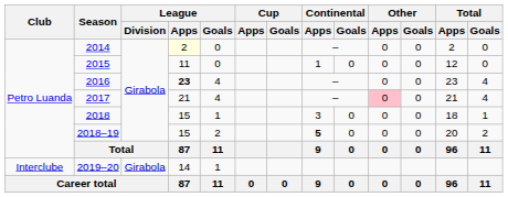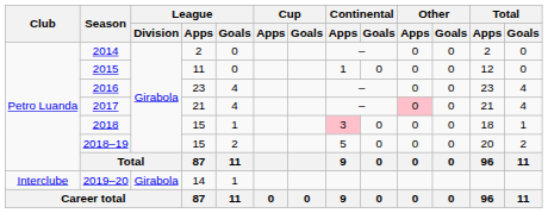 <table class="wikitable" style="text-align: center">
 <tr>
 <th rowspan="2">Club</th>
 <th rowspan="2">Season</th>
 <th colspan="3">League</th>
 <th colspan="2">Cup</th>
 <th colspan="2">Continental</th>
 <th colspan="2">Other</th>
 <th colspan="2">Total</th>
 </tr>
 <tr>
 <th>Division</th>
 <th>Apps</th>
 <th>Goals</th>
 <th>Apps</th>
 <th>Goals</th>
 <th>Apps</th>
 <th>Goals</th>
 <th>Apps</th>
 <th>Goals</th>
 <th>Apps</th>
 <th>Goals</th>
 </tr>
 <tr>
 <td rowspan="7"><a href='#'>Petro Luanda</a></td>
 <td><a href='#'>2014</a></td>
 <td rowspan="6"><a href='#'>Girabola</a></td>
-<td style="background: lightyellow;">2</td>
+<td>2</td>
 <td>0</td>
 <td></td>
 <td></td>
 <td colspan="2">–</td>
 <td>0</td>
 <td>0</td>
 <td>2</td>
 <td>0</td>
 </tr>
 <tr>
 <td><a href='#'>2015</a></td>
 <td>11</td>
 <td>0</td>
 <td></td>
 <td></td>
 <td>1</td>
 <td>0</td>
 <td>0</td>
 <td>0</td>
 <td>12</td>
 <td>0</td>
 </tr>
 <tr>
 <td><a href='#'>2016</a></td>
-<td><strong>23</strong></td>
+<td>23</td>
 <td>4</td>
 <td></td>
 <td></td>
 <td colspan="2">–</td>
 <td>0</td>
 <td>0</td>
 <td>23</td>
 <td>4</td>
 </tr>
 <tr>
 <td><a href='#'>2017</a></td>
 <td>21</td>
 <td>4</td>
 <td></td>
 <td></td>
 <td colspan="2">–</td>
 <td style="background: pink;">0</td>
 <td>0</td>
 <td>21</td>
 <td>4</td>
 </tr>
 <tr>
 <td><a href='#'>2018</a></td>
 <td>15</td>
 <td>1</td>
 <td></td>
 <td></td>
-<td>3</td>
+<td style="background: pink;">3</td>
 <td>0</td>
 <td>0</td>
 <td>0</td>
 <td>18</td>
 <td>1</td>
 </tr>
 <tr>
 <td><a href='#'>2018–19</a></td>
 <td>15</td>
 <td>2</td>
 <td></td>
 <td></td>
-<td><strong>5</strong></td>
+<td>5</td>
 <td>0</td>
 <td>0</td>
 <td>0</td>
 <td>20</td>
 <td>2</td>
 </tr>
 <tr>
 <th colspan="2"><strong>Total</strong></th>
 <th>87</th>
 <th>11</th>
 <th></th>
 <th></th>
 <th>9</th>
 <th>0</th>
 <th>0</th>
 <th>0</th>
 <th>96</th>
 <th>11</th>
 </tr>
 <tr>
 <td><a href='#'>Interclube</a></td>
 <td><a href='#'>2019–20</a></td>
 <td><a href='#'>Girabola</a></td>
 <td>14</td>
 <td>1</td>
 <td></td>
 <td></td>
 <td></td>
 <td></td>
 <td></td>
 <td></td>
 <td></td>
 <td></td>
 </tr>
 <tr>
 <th colspan="3"><strong>Career total</strong></th>
 <th>87</th>
 <th>11</th>
 <th>0</th>
 <th>0</th>
 <th>9</th>
 <th>0</th>
 <th>0</th>
 <th>0</th>
 <th>96</th>
 <th>11</th>
 </tr>
 </table>
